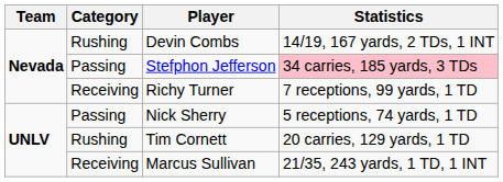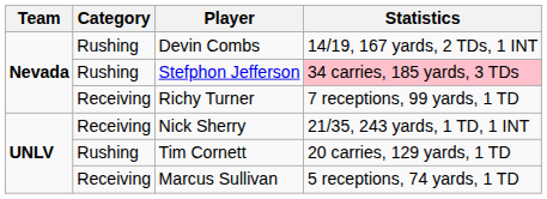 <table class="wikitable" style="float: left;">
 <tr>
 <th>Team</th>
 <th>Category</th>
 <th>Player</th>
 <th>Statistics</th>
 </tr>
 <tr>
 <td rowspan=3><strong>Nevada</strong></td>
 <td>Rushing</td>
 <td>Devin Combs</td>
 <td>14/19, 167 yards, 2 TDs, 1 INT</td>
 </tr>
 <tr>
-<td>Passing</td>
+<td>Rushing</td>
 <td><a href='#'>Stefphon Jefferson</a></td>
 <td style="background: pink;">34 carries, 185 yards, 3 TDs</td>
 </tr>
 <tr>
 <td>Receiving</td>
 <td>Richy Turner</td>
 <td>7 receptions, 99 yards, 1 TD</td>
 </tr>
 <tr>
 <td rowspan=3><strong>UNLV</strong></td>
-<td>Passing</td>
+<td>Receiving</td>
 <td>Nick Sherry</td>
-<td>5 receptions, 74 yards, 1 TD</td>
+<td>21/35, 243 yards, 1 TD, 1 INT</td>
 </tr>
 <tr>
 <td>Rushing</td>
 <td>Tim Cornett</td>
 <td>20 carries, 129 yards, 1 TD</td>
 </tr>
 <tr>
 <td>Receiving</td>
 <td>Marcus Sullivan</td>
-<td>21/35, 243 yards, 1 TD, 1 INT</td>
+<td>5 receptions, 74 yards, 1 TD</td>
 </tr>
 </table>
